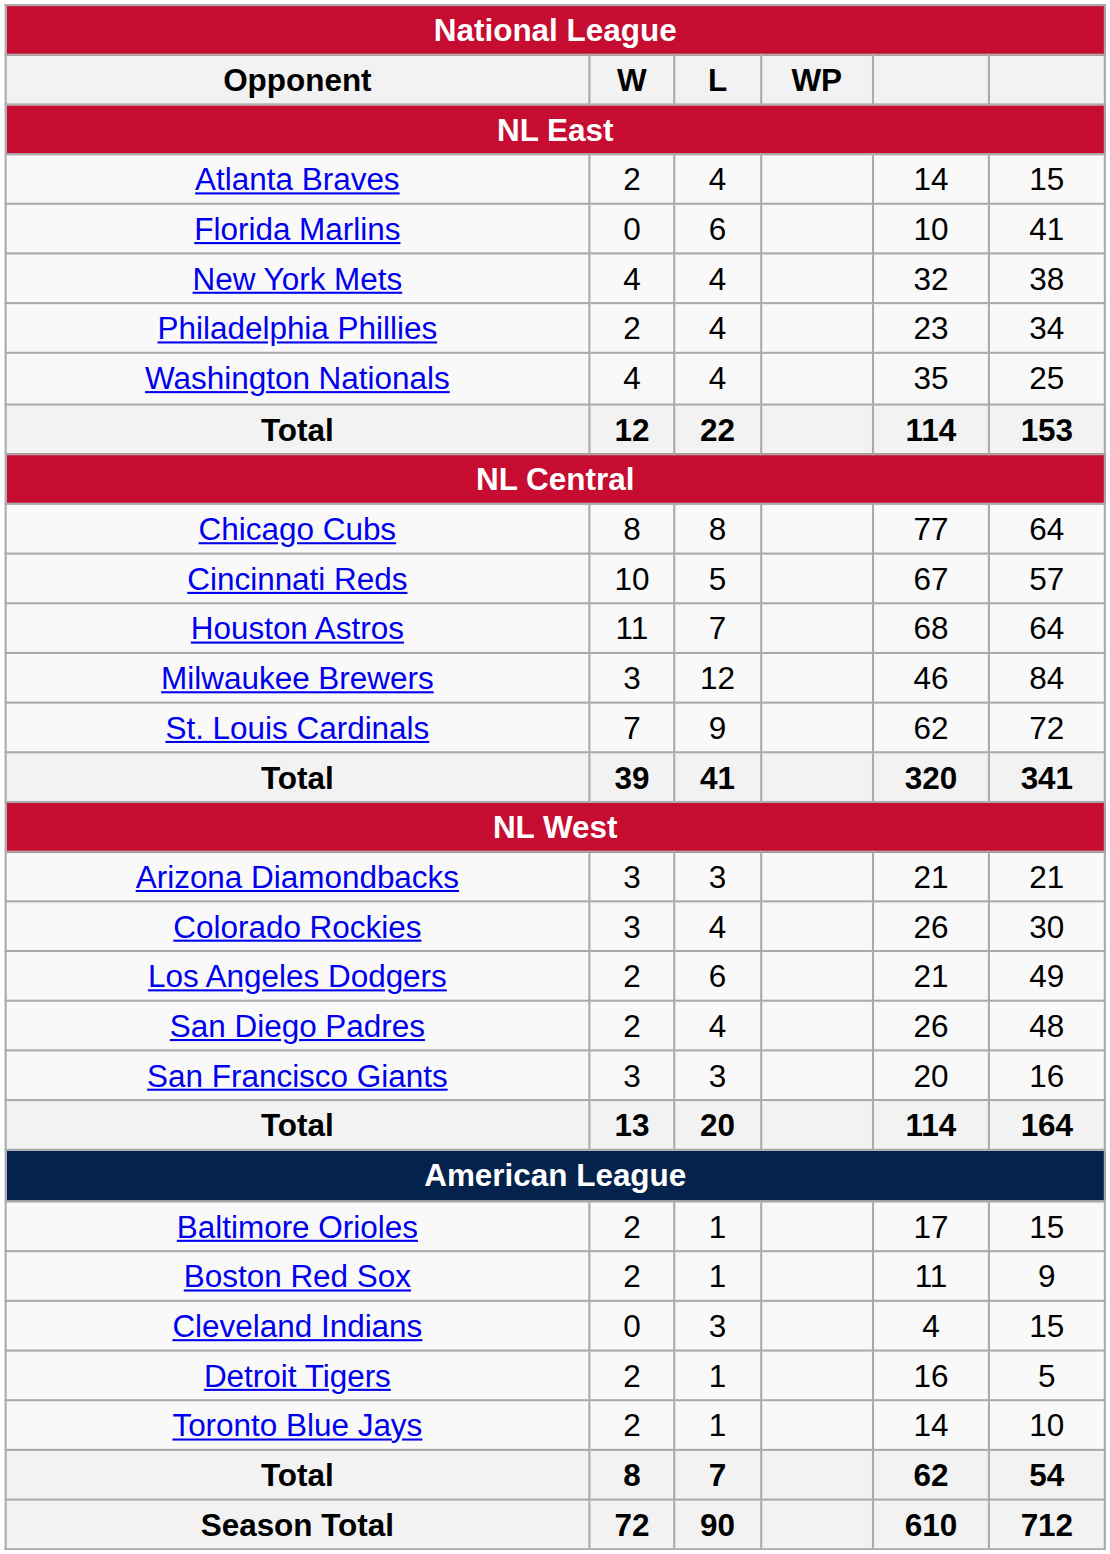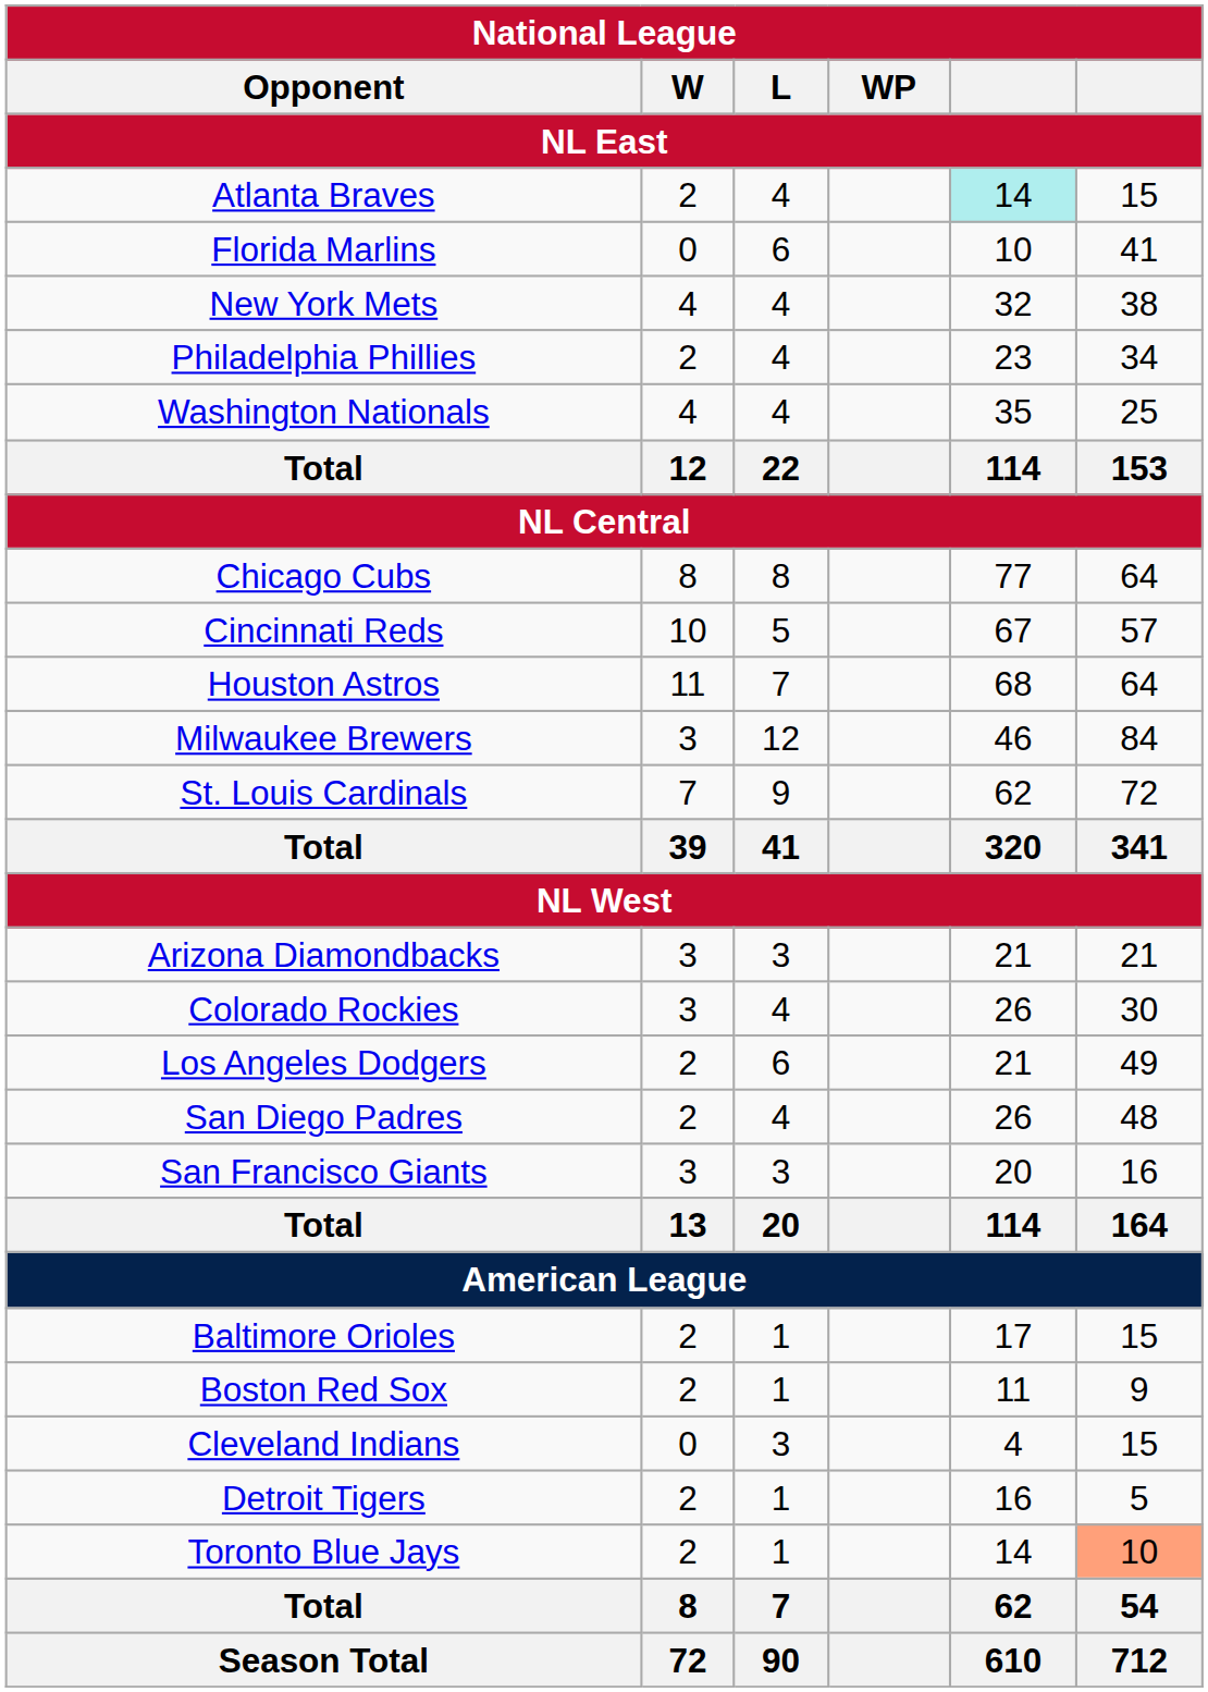 <table class="wikitable" style="font-size:95%; text-align:center; width:35em;margin: 0.5em auto;">
 <tr>
 <td colspan="7" style="background:#c60c30;color:#fff"><strong>National League</strong></td>
 </tr>
 <tr>
 <th>Opponent</th>
 <th>W</th>
 <th>L</th>
 <th>WP</th>
 <th></th>
 <th></th>
 </tr>
 <tr>
 <td colspan="7" style="background:#c60c30;color:#fff"><strong>NL East</strong></td>
 </tr>
 <tr>
 <td><a href='#'>Atlanta Braves</a></td>
 <td>2</td>
 <td>4</td>
 <td></td>
-<td>14</td>
+<td style="background: paleturquoise;">14</td>
 <td>15</td>
 </tr>
 <tr>
 <td><a href='#'>Florida Marlins</a></td>
 <td>0</td>
 <td>6</td>
 <td></td>
 <td>10</td>
 <td>41</td>
 </tr>
 <tr>
 <td><a href='#'>New York Mets</a></td>
 <td>4</td>
 <td>4</td>
 <td></td>
 <td>32</td>
 <td>38</td>
 </tr>
 <tr>
 <td><a href='#'>Philadelphia Phillies</a></td>
 <td>2</td>
 <td>4</td>
 <td></td>
 <td>23</td>
 <td>34</td>
 </tr>
 <tr>
 <td><a href='#'>Washington Nationals</a></td>
 <td>4</td>
 <td>4</td>
 <td></td>
 <td>35</td>
 <td>25</td>
 </tr>
 <tr>
 <th>Total</th>
 <th>12</th>
 <th>22</th>
 <th></th>
 <th>114</th>
 <th>153</th>
 </tr>
 <tr>
 <td colspan="7" style="background:#c60c30;color:#fff"><strong>NL Central</strong></td>
 </tr>
 <tr>
 <td><a href='#'>Chicago Cubs</a></td>
 <td>8</td>
 <td>8</td>
 <td></td>
 <td>77</td>
 <td>64</td>
 </tr>
 <tr>
 <td><a href='#'>Cincinnati Reds</a></td>
 <td>10</td>
 <td>5</td>
 <td></td>
 <td>67</td>
 <td>57</td>
 </tr>
 <tr>
 <td><a href='#'>Houston Astros</a></td>
 <td>11</td>
 <td>7</td>
 <td></td>
 <td>68</td>
 <td>64</td>
 </tr>
 <tr>
 <td><a href='#'>Milwaukee Brewers</a></td>
 <td>3</td>
 <td>12</td>
 <td></td>
 <td>46</td>
 <td>84</td>
 </tr>
 <tr>
 <td><a href='#'>St. Louis Cardinals</a></td>
 <td>7</td>
 <td>9</td>
 <td></td>
 <td>62</td>
 <td>72</td>
 </tr>
 <tr>
 <th>Total</th>
 <th>39</th>
 <th>41</th>
 <th></th>
 <th>320</th>
 <th>341</th>
 </tr>
 <tr>
 <td colspan="7" style="background:#c60c30;color:#fff"><strong>NL West</strong></td>
 </tr>
 <tr>
 <td><a href='#'>Arizona Diamondbacks</a></td>
 <td>3</td>
 <td>3</td>
 <td></td>
 <td>21</td>
 <td>21</td>
 </tr>
 <tr>
 <td><a href='#'>Colorado Rockies</a></td>
 <td>3</td>
 <td>4</td>
 <td></td>
 <td>26</td>
 <td>30</td>
 </tr>
 <tr>
 <td><a href='#'>Los Angeles Dodgers</a></td>
 <td>2</td>
 <td>6</td>
 <td></td>
 <td>21</td>
 <td>49</td>
 </tr>
 <tr>
 <td><a href='#'>San Diego Padres</a></td>
 <td>2</td>
 <td>4</td>
 <td></td>
 <td>26</td>
 <td>48</td>
 </tr>
 <tr>
 <td><a href='#'>San Francisco Giants</a></td>
 <td>3</td>
 <td>3</td>
 <td></td>
 <td>20</td>
 <td>16</td>
 </tr>
 <tr>
 <th>Total</th>
 <th>13</th>
 <th>20</th>
 <th></th>
 <th>114</th>
 <th>164</th>
 </tr>
 <tr>
 <td colspan="7" style="background:#03224c;color:#fff"><strong>American League</strong></td>
 </tr>
 <tr>
 <td><a href='#'>Baltimore Orioles</a></td>
 <td>2</td>
 <td>1</td>
 <td></td>
 <td>17</td>
 <td>15</td>
 </tr>
 <tr>
 <td><a href='#'>Boston Red Sox</a></td>
 <td>2</td>
 <td>1</td>
 <td></td>
 <td>11</td>
 <td>9</td>
 </tr>
 <tr>
 <td><a href='#'>Cleveland Indians</a></td>
 <td>0</td>
 <td>3</td>
 <td></td>
 <td>4</td>
 <td>15</td>
 </tr>
 <tr>
 <td><a href='#'>Detroit Tigers</a></td>
 <td>2</td>
 <td>1</td>
 <td></td>
 <td>16</td>
 <td>5</td>
 </tr>
 <tr>
 <td><a href='#'>Toronto Blue Jays</a></td>
 <td>2</td>
 <td>1</td>
 <td></td>
 <td>14</td>
-<td>10</td>
+<td style="background: lightsalmon;">10</td>
 </tr>
 <tr>
 <th>Total</th>
 <th>8</th>
 <th>7</th>
 <th></th>
 <th>62</th>
 <th>54</th>
 </tr>
 <tr>
 <th>Season Total</th>
 <th>72</th>
 <th>90</th>
 <th></th>
 <th>610</th>
 <th>712</th>
 </tr>
 </table>
